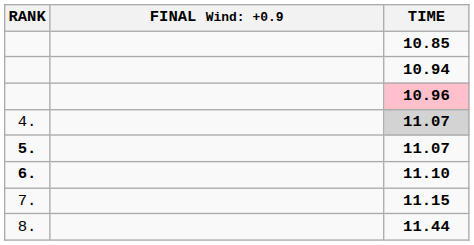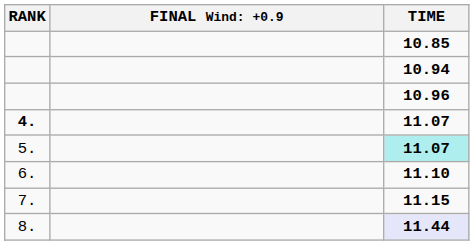 <table class="wikitable" style="border-collapse: collapse; font-size: 90%;">
 <tr>
 <th>RANK</th>
 <th style="width: 21em">FINAL <small>Wind: +0.9</small></th>
 <th style="width: 5em">TIME</th>
 </tr>
 <tr>
 <td align="center"></td>
 <td></td>
 <td align="center"><strong>10.85</strong></td>
 </tr>
 <tr>
 <td align="center"></td>
 <td></td>
 <td align="center"><strong>10.94</strong></td>
 </tr>
 <tr>
 <td align="center"></td>
 <td></td>
-<td align="center" style="background: pink;"><strong>10.96</strong></td>
+<td align="center"><strong>10.96</strong></td>
 </tr>
 <tr>
-<td align="center">4.</td>
-<td></td>
-<td align="center" style="background: lightgrey;"><strong>11.07</strong></td>
-</tr>
-<tr>
-<td align="center"><strong>5.</strong></td>
+<td align="center"><strong>4.</strong></td>
 <td></td>
 <td align="center"><strong>11.07</strong></td>
 </tr>
 <tr>
-<td align="center"><strong>6.</strong></td>
+<td align="center">5.</td>
+<td></td>
+<td align="center" style="background: paleturquoise;"><strong>11.07</strong></td>
+</tr>
+<tr>
+<td align="center">6.</td>
 <td></td>
 <td align="center"><strong>11.10</strong></td>
 </tr>
 <tr>
 <td align="center">7.</td>
 <td></td>
 <td align="center"><strong>11.15</strong></td>
 </tr>
 <tr>
 <td align="center">8.</td>
 <td></td>
-<td align="center"><strong>11.44</strong></td>
+<td align="center" style="background: lavender;"><strong>11.44</strong></td>
 </tr>
 </table>
